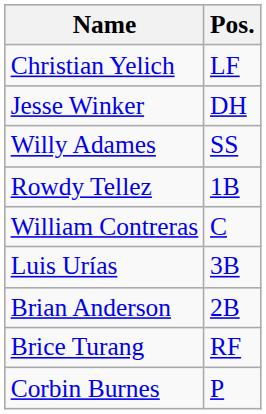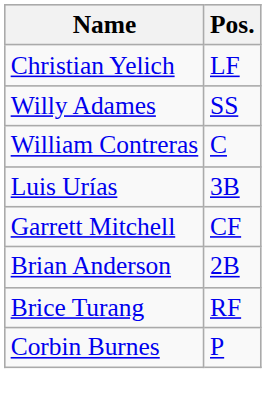 <table class="wikitable">
 <tr>
 <th>Name</th>
 <th>Pos.</th>
 </tr>
 <tr>
 <td><a href='#'>Christian Yelich</a></td>
 <td><a href='#'>LF</a></td>
 </tr>
 <tr>
-<td><a href='#'>Jesse Winker</a></td>
-<td><a href='#'>DH</a></td>
-</tr>
-<tr>
 <td><a href='#'>Willy Adames</a></td>
 <td><a href='#'>SS</a></td>
-</tr>
-<tr>
-<td><a href='#'>Rowdy Tellez</a></td>
-<td><a href='#'>1B</a></td>
 </tr>
 <tr>
 <td><a href='#'>William Contreras</a></td>
 <td><a href='#'>C</a></td>
 </tr>
 <tr>
 <td><a href='#'>Luis Urías</a></td>
 <td><a href='#'>3B</a></td>
+</tr>
+<tr>
+<td><a href='#'>Garrett Mitchell</a></td>
+<td><a href='#'>CF</a></td>
 </tr>
 <tr>
 <td><a href='#'>Brian Anderson</a></td>
 <td><a href='#'>2B</a></td>
 </tr>
 <tr>
 <td><a href='#'>Brice Turang</a></td>
 <td><a href='#'>RF</a></td>
 </tr>
 <tr>
 <td><a href='#'>Corbin Burnes</a></td>
 <td><a href='#'>P</a></td>
 </tr>
 </table>
